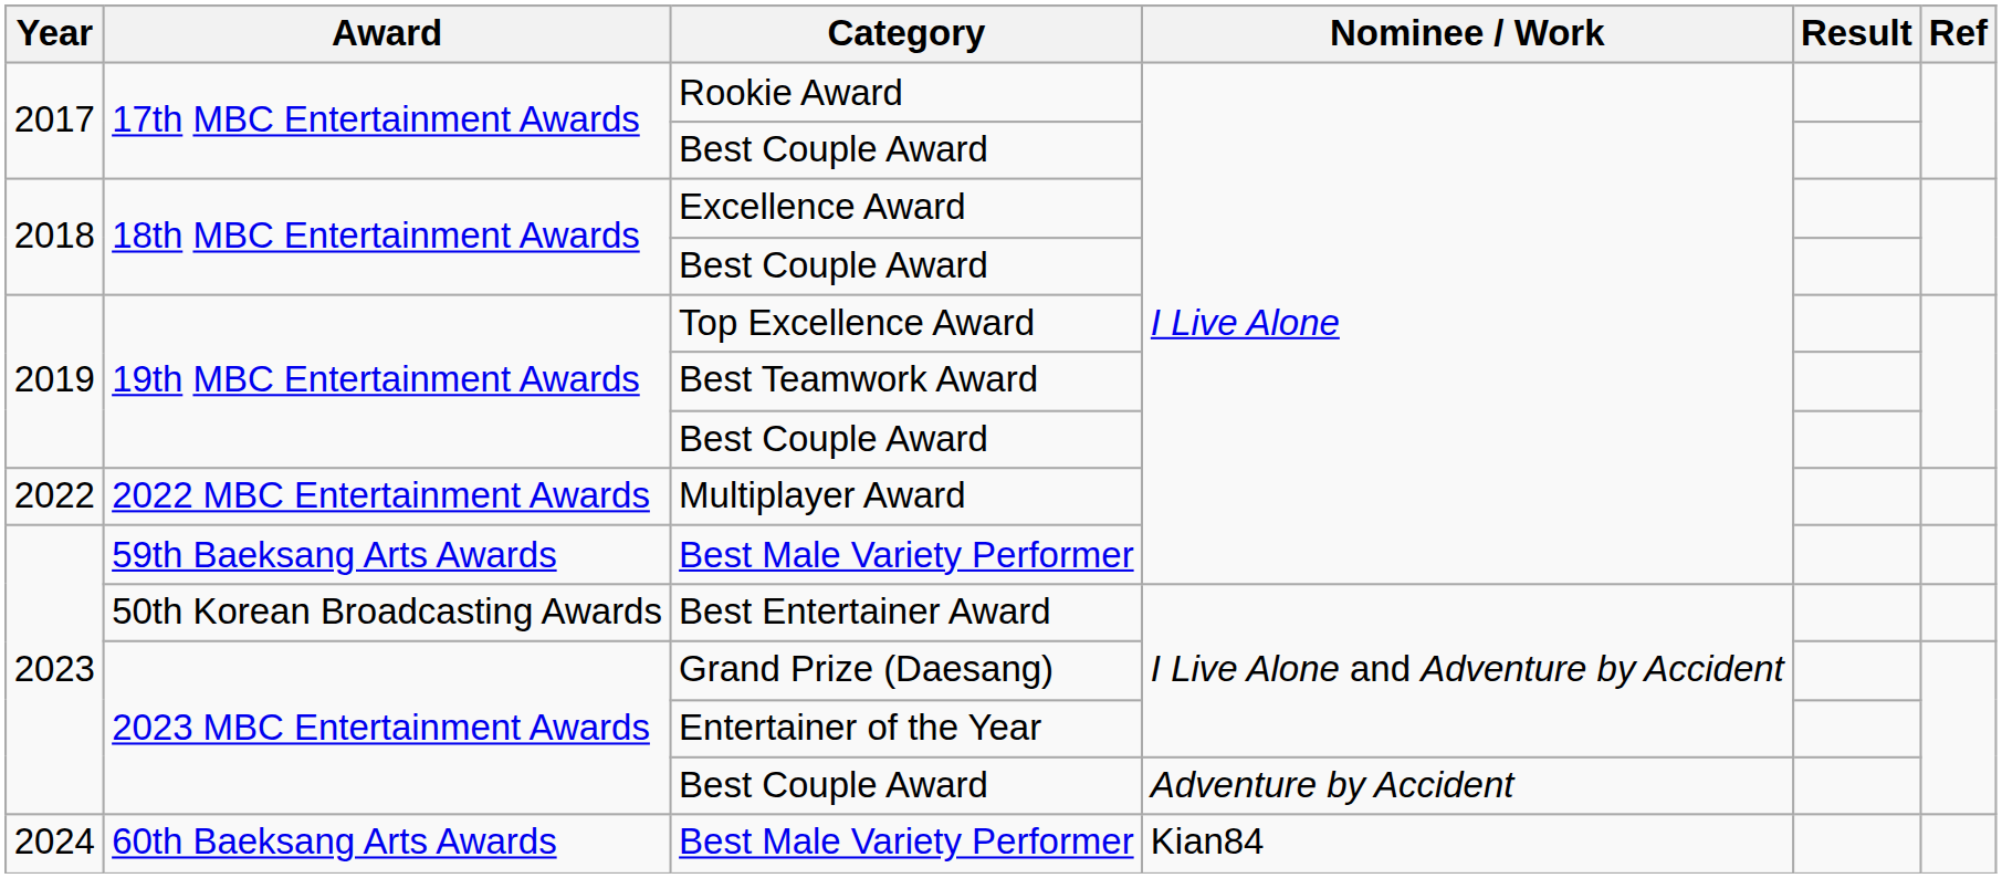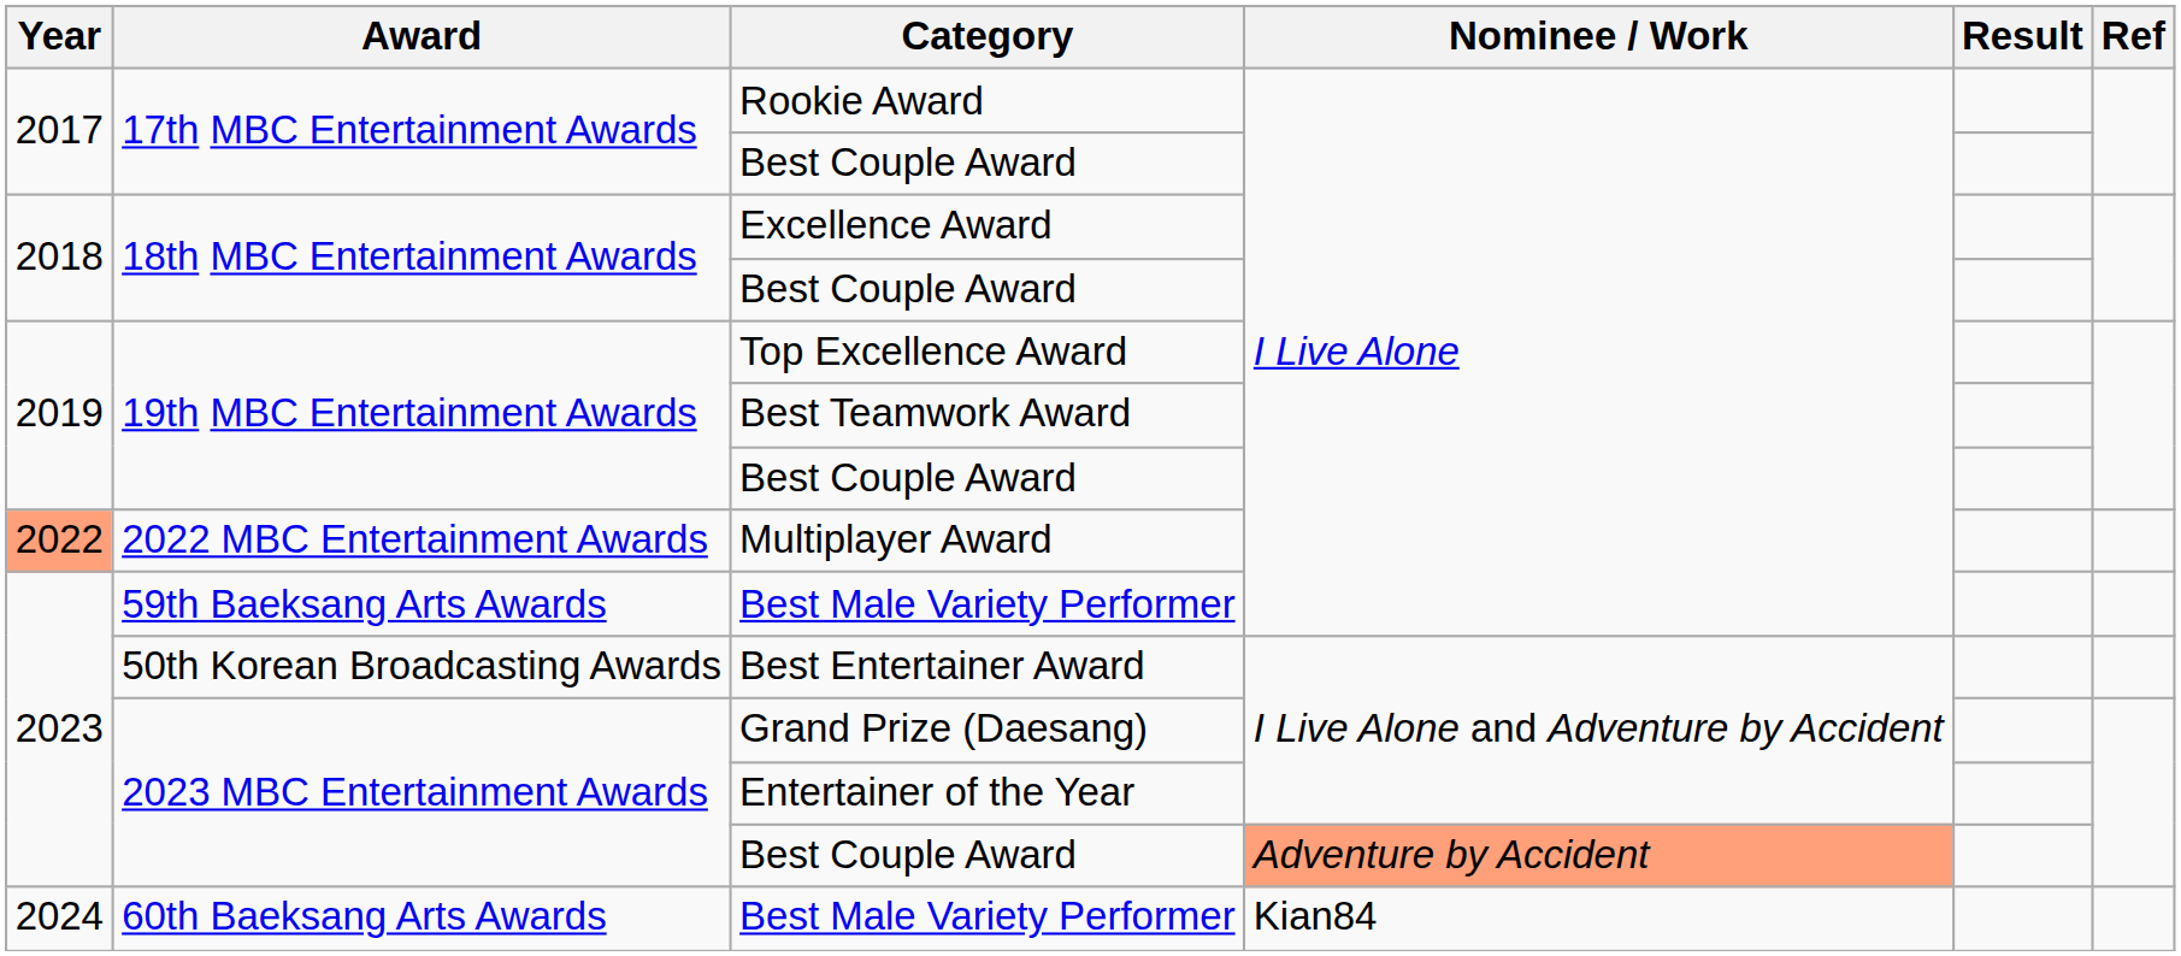 <table class="wikitable">
 <tr>
 <th>Year</th>
 <th>Award</th>
 <th>Category</th>
 <th>Nominee / Work</th>
 <th>Result</th>
 <th>Ref</th>
 </tr>
 <tr>
 <td rowspan=2>2017</td>
 <td rowspan=2><a href='#'>17th</a> <a href='#'>MBC Entertainment Awards</a></td>
 <td>Rookie Award</td>
 <td rowspan="9"><em><a href='#'>I Live Alone</a></em></td>
 <td></td>
 <td rowspan=2></td>
 </tr>
 <tr>
 <td>Best Couple Award </td>
 <td></td>
 </tr>
 <tr>
 <td rowspan=2>2018</td>
 <td rowspan=2><a href='#'>18th</a> <a href='#'>MBC Entertainment Awards</a></td>
 <td>Excellence Award</td>
 <td></td>
 <td rowspan=2></td>
 </tr>
 <tr>
 <td>Best Couple Award </td>
 <td></td>
 </tr>
 <tr>
 <td rowspan="3">2019</td>
 <td rowspan="3"><a href='#'>19th</a> <a href='#'>MBC Entertainment Awards</a></td>
 <td>Top Excellence Award</td>
 <td></td>
 <td rowspan="3"></td>
 </tr>
 <tr>
 <td>Best Teamwork Award </td>
 <td></td>
 </tr>
 <tr>
 <td>Best Couple Award </td>
 <td></td>
 </tr>
 <tr>
-<td>2022</td>
+<td style="background: lightsalmon;">2022</td>
 <td><a href='#'>2022 MBC Entertainment Awards</a></td>
 <td>Multiplayer Award</td>
 <td></td>
 <td></td>
 </tr>
 <tr>
 <td rowspan=5>2023</td>
 <td><a href='#'>59th Baeksang Arts Awards</a></td>
 <td><a href='#'>Best Male Variety Performer</a></td>
 <td></td>
 <td></td>
 </tr>
 <tr>
 <td>50th Korean Broadcasting Awards</td>
 <td>Best Entertainer Award</td>
 <td rowspan="3"><em>I Live Alone</em> and <em>Adventure by Accident</em></td>
 <td></td>
 <td></td>
 </tr>
 <tr>
 <td rowspan=3><a href='#'>2023 MBC Entertainment Awards</a></td>
 <td>Grand Prize (Daesang)</td>
 <td></td>
 <td rowspan="3"></td>
 </tr>
 <tr>
 <td>Entertainer of the Year</td>
 <td></td>
 </tr>
 <tr>
 <td>Best Couple Award </td>
-<td><em>Adventure by Accident</em></td>
+<td style="background: lightsalmon;"><em>Adventure by Accident</em></td>
 <td></td>
 </tr>
 <tr>
 <td rowspan="2">2024</td>
 <td rowspan="2"><a href='#'>60th Baeksang Arts Awards</a></td>
 <td><a href='#'>Best Male Variety Performer</a></td>
 <td rowspan="2">Kian84</td>
 <td></td>
 <td></td>
 </tr>
 </table>
